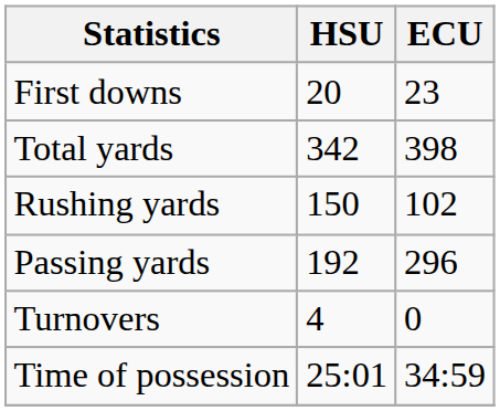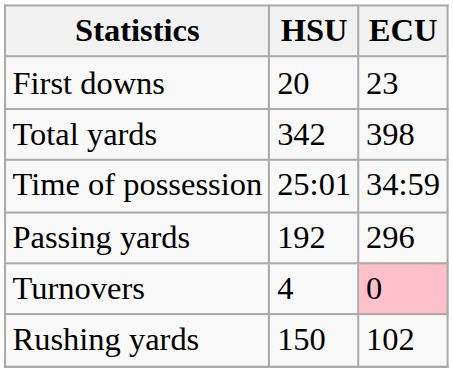 <table class="wikitable" style="float: left;">
 <tr>
 <th>Statistics</th>
 <th>HSU</th>
 <th>ECU</th>
 </tr>
 <tr>
 <td>First downs</td>
 <td>20</td>
 <td>23</td>
 </tr>
 <tr>
 <td>Total yards</td>
 <td>342</td>
 <td>398</td>
 </tr>
 <tr>
-<td>Rushing yards</td>
-<td>150</td>
-<td>102</td>
+<td>Time of possession</td>
+<td>25:01</td>
+<td>34:59</td>
 </tr>
 <tr>
 <td>Passing yards</td>
 <td>192</td>
 <td>296</td>
 </tr>
 <tr>
 <td>Turnovers</td>
 <td>4</td>
-<td>0</td>
+<td style="background: pink;">0</td>
 </tr>
 <tr>
-<td>Time of possession</td>
-<td>25:01</td>
-<td>34:59</td>
+<td>Rushing yards</td>
+<td>150</td>
+<td>102</td>
 </tr>
 <tr>
 </tr>
 </table>
